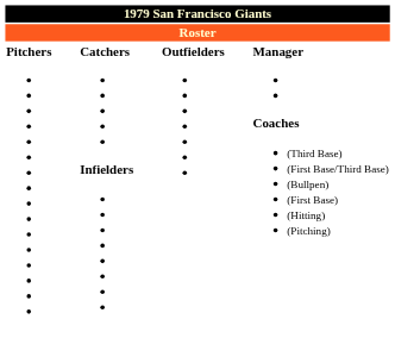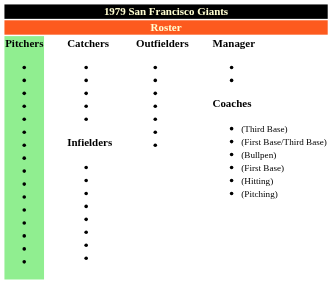 <table class="toccolours" style="font-size: 95%;">
 <tr>
 <th colspan="10" style="background-color: black; color: #FFFDD0; text-align: center;">1979 San Francisco Giants</th>
 </tr>
 <tr>
 <td colspan="10" style="background-color: #fd5a1e; color: #FFFDD0; text-align: center;"><strong>Roster</strong></td>
 </tr>
 <tr>
-<td valign="top"><strong>Pitchers</strong><br><ul><li></li><li></li><li></li><li></li><li></li><li></li><li></li><li></li><li></li><li></li><li></li><li></li><li></li><li></li><li></li><li></li></ul></td>
+<td valign="top" style="background: lightgreen;"><strong>Pitchers</strong><br><ul><li></li><li></li><li></li><li></li><li></li><li></li><li></li><li></li><li></li><li></li><li></li><li></li><li></li><li></li><li></li><li></li></ul></td>
 <td width="25px"></td>
 <td valign="top"><strong>Catchers</strong><br><ul><li></li><li></li><li></li><li></li><li></li></ul><strong>Infielders</strong><ul><li></li><li></li><li></li><li></li><li></li><li></li><li></li><li></li></ul></td>
 <td width="25px"></td>
 <td valign="top"><strong>Outfielders</strong><br><ul><li></li><li></li><li></li><li></li><li></li><li></li><li></li></ul></td>
 <td width="25px"></td>
 <td valign="top"><strong>Manager</strong><br><ul><li></li><li></li></ul><strong>Coaches</strong><ul><li> <small>(Third Base)</small></li><li> <small>(First Base/Third Base)</small></li><li> <small>(Bullpen)</small></li><li> <small>(First Base)</small></li><li> <small>(Hitting)</small></li><li> <small>(Pitching)</small></li></ul></td>
 </tr>
 </table>
